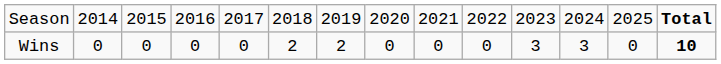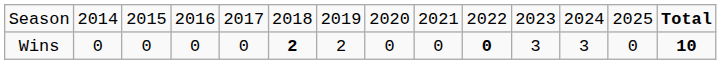 <table class="wikitable sortable">
 <tr>
 <td>Season</td>
 <td>2014</td>
 <td>2015</td>
 <td>2016</td>
 <td>2017</td>
 <td>2018</td>
 <td>2019</td>
 <td>2020</td>
 <td>2021</td>
 <td>2022</td>
 <td>2023</td>
 <td>2024</td>
 <td>2025</td>
 <td><strong>Total</strong></td>
 </tr>
 <tr style=text-align:center>
 <td>Wins</td>
 <td>0</td>
 <td>0</td>
 <td>0</td>
 <td>0</td>
-<td>2</td>
+<td><strong>2</strong></td>
 <td>2</td>
 <td>0</td>
 <td>0</td>
-<td>0</td>
+<td><strong>0</strong></td>
 <td>3</td>
 <td>3</td>
 <td>0</td>
 <td><strong>10</strong></td>
 </tr>
 </table>
